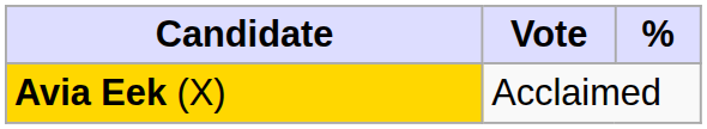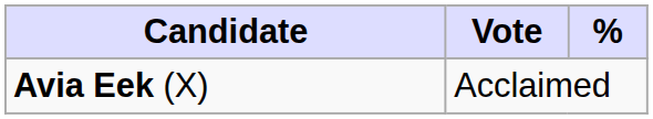 <table class="wikitable">
 <tr>
 <th style="background:#ddf; width:200px;">Candidate</th>
 <th style="background:#ddf; width:50px;">Vote</th>
 <th style="background:#ddf; width:30px;">%</th>
 </tr>
 <tr>
-<td style="background: gold;"><strong>Avia Eek</strong> (X)</td>
+<td><strong>Avia Eek</strong> (X)</td>
 <td colspan="2">Acclaimed</td>
 </tr>
 </table>
